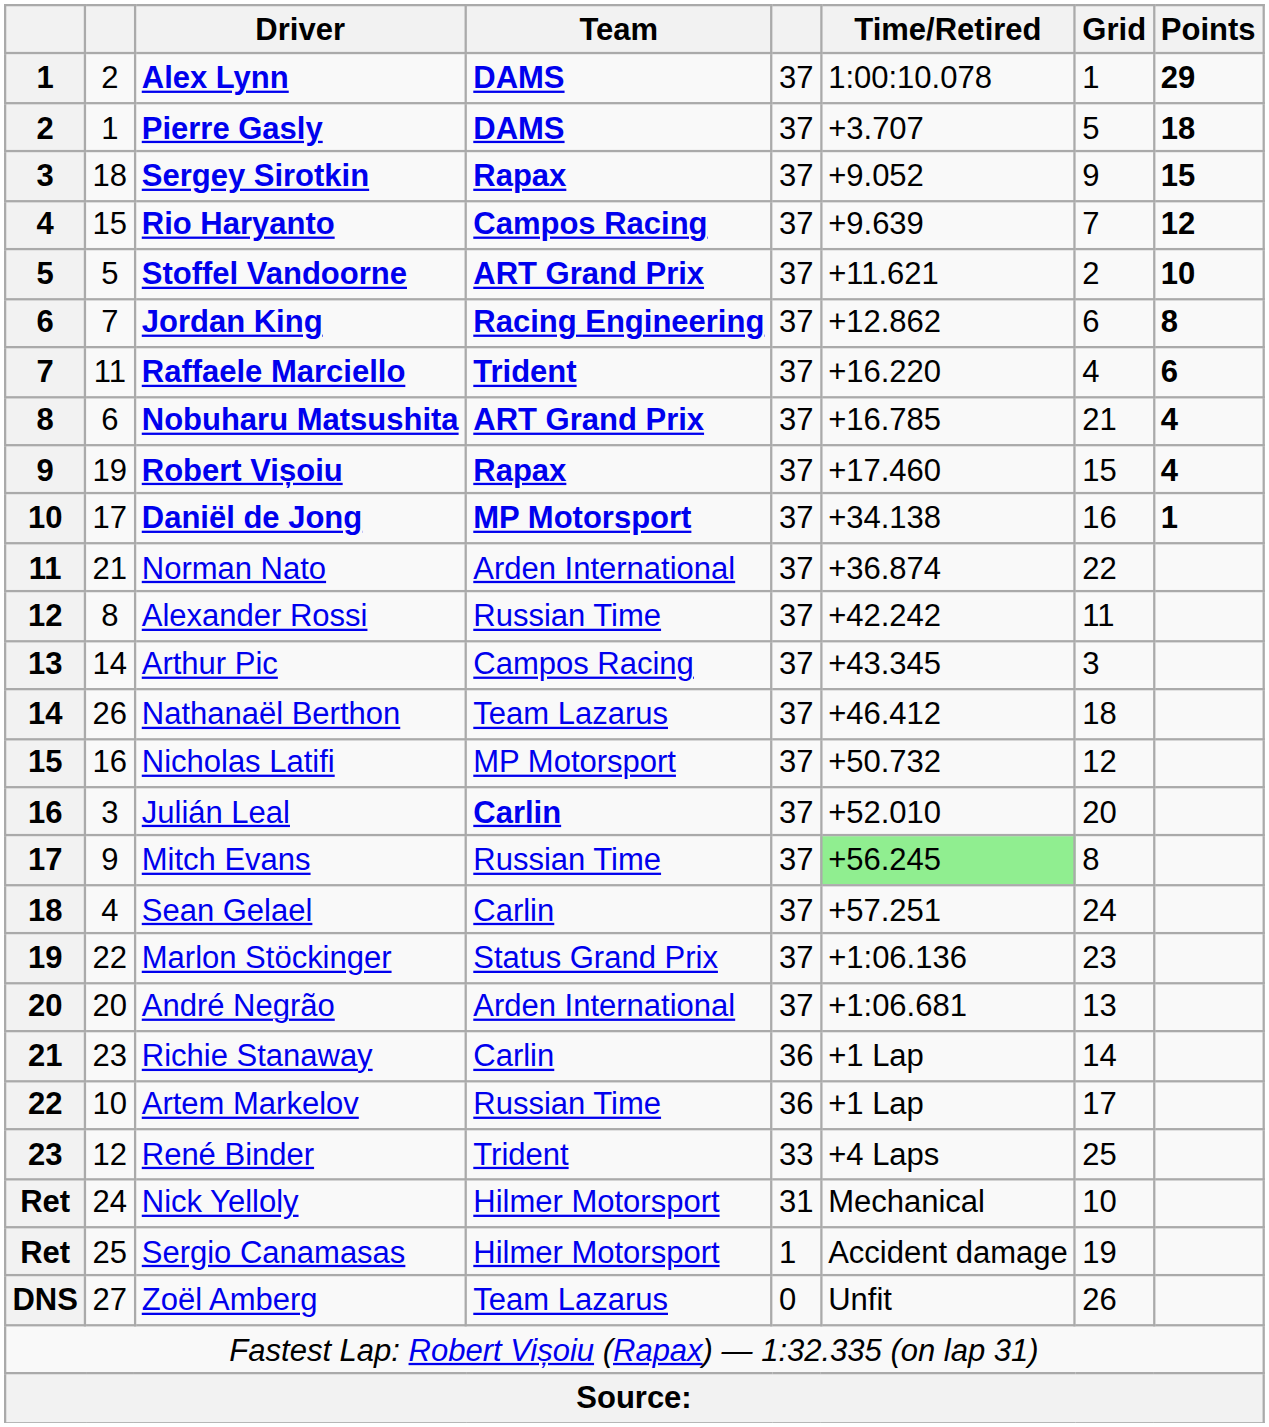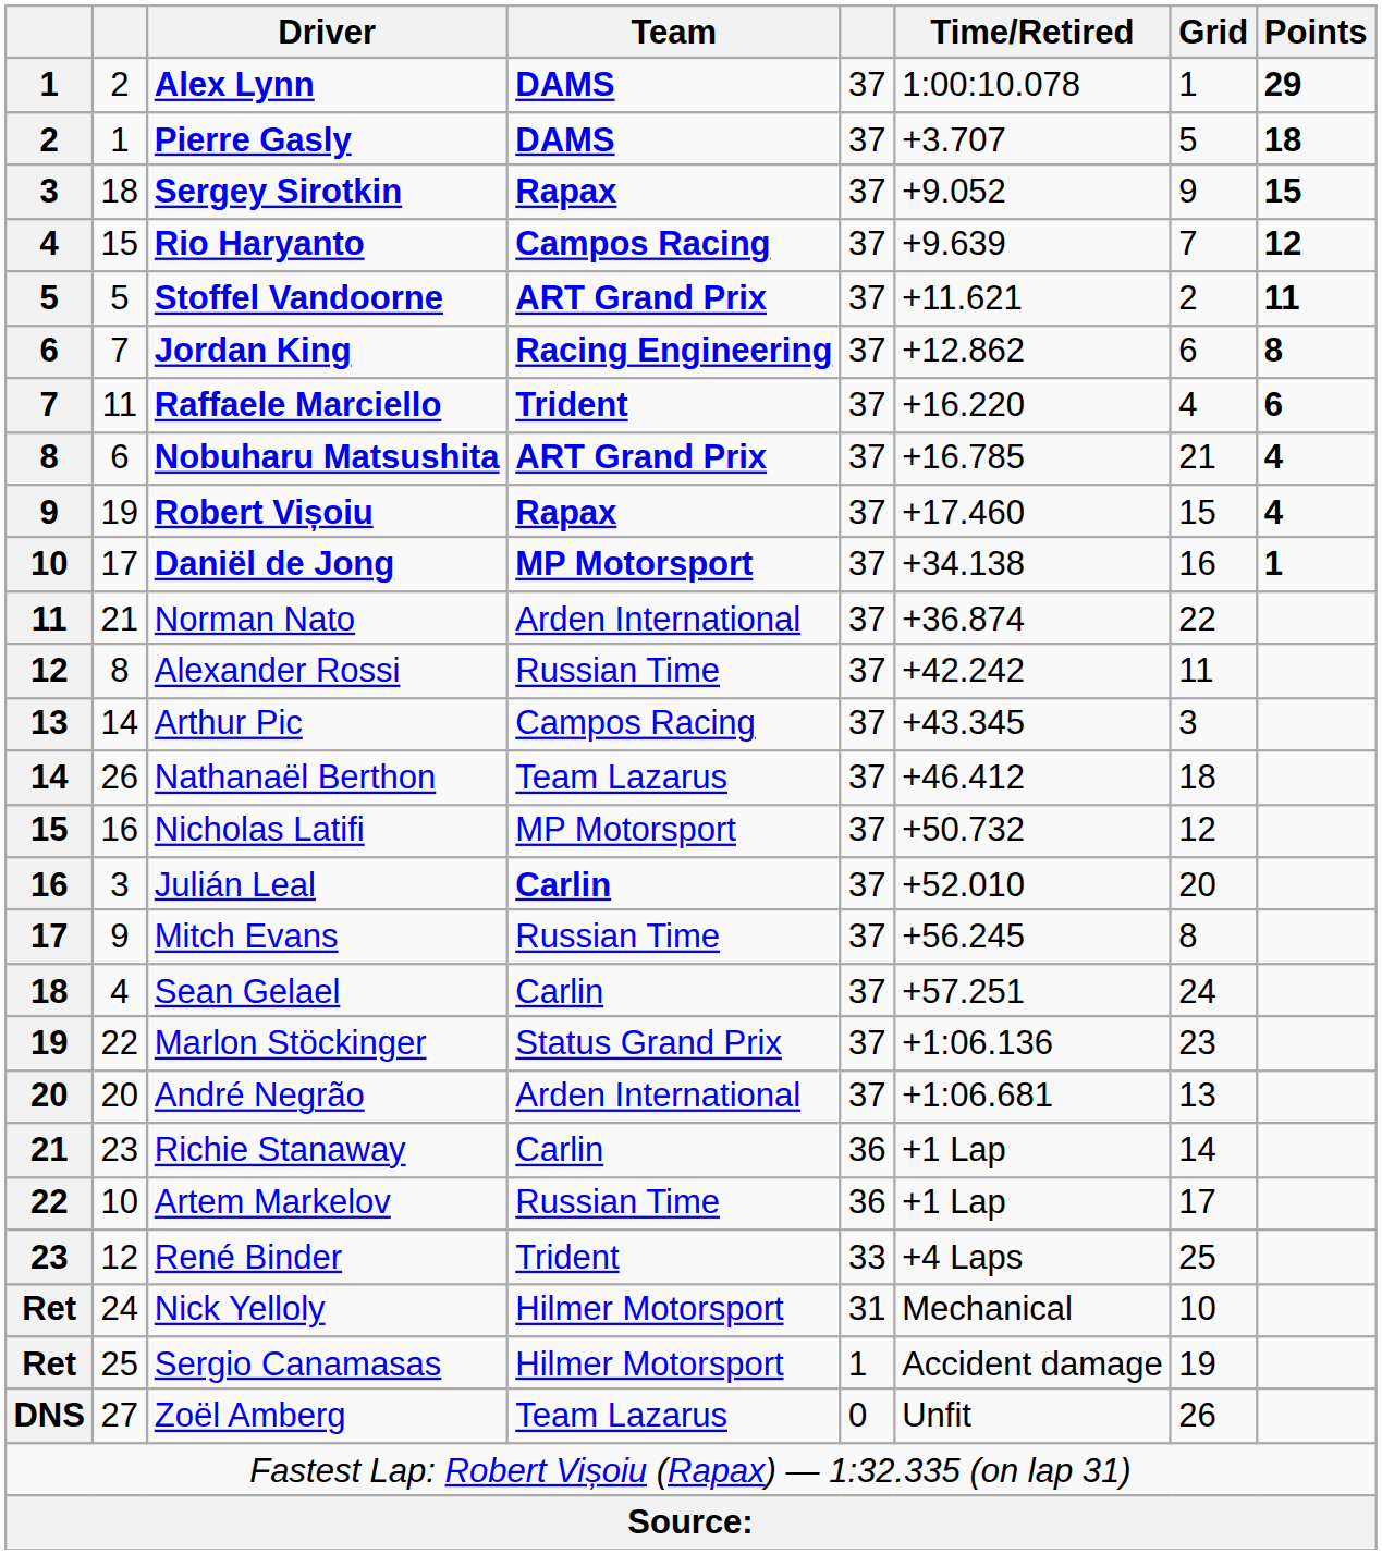 <table class="wikitable" style="font-size:85%">
 <tr>
 <th></th>
 <th></th>
 <th>Driver</th>
 <th>Team</th>
 <th></th>
 <th>Time/Retired</th>
 <th>Grid</th>
 <th>Points</th>
 </tr>
 <tr>
 <th>1</th>
 <td align="center">2</td>
 <td> <strong><a href='#'>Alex Lynn</a></strong></td>
 <td><strong><a href='#'>DAMS</a></strong></td>
 <td>37</td>
 <td>1:00:10.078</td>
 <td>1</td>
 <td><strong>29 </strong></td>
 </tr>
 <tr>
 <th>2</th>
 <td align="center">1</td>
 <td> <strong><a href='#'>Pierre Gasly</a></strong></td>
 <td><strong><a href='#'>DAMS</a></strong></td>
 <td>37</td>
 <td>+3.707</td>
 <td>5</td>
 <td><strong>18</strong></td>
 </tr>
 <tr>
 <th>3</th>
 <td align="center">18</td>
 <td> <strong><a href='#'>Sergey Sirotkin</a></strong></td>
 <td><strong><a href='#'>Rapax</a></strong></td>
 <td>37</td>
 <td>+9.052</td>
 <td>9</td>
 <td><strong>15</strong></td>
 </tr>
 <tr>
 <th>4</th>
 <td align="center">15</td>
 <td> <strong><a href='#'>Rio Haryanto</a></strong></td>
 <td><strong><a href='#'>Campos Racing</a></strong></td>
 <td>37</td>
 <td>+9.639</td>
 <td>7</td>
 <td><strong>12</strong></td>
 </tr>
 <tr>
 <th>5</th>
 <td align="center">5</td>
 <td> <strong><a href='#'>Stoffel Vandoorne</a></strong></td>
 <td><strong><a href='#'>ART Grand Prix</a></strong></td>
 <td>37</td>
 <td>+11.621</td>
 <td>2</td>
-<td><strong>10</strong></td>
+<td><strong>11</strong></td>
 </tr>
 <tr>
 <th>6</th>
 <td align="center">7</td>
 <td> <strong><a href='#'>Jordan King</a></strong></td>
 <td><strong><a href='#'>Racing Engineering</a></strong></td>
 <td>37</td>
 <td>+12.862</td>
 <td>6</td>
 <td><strong>8</strong></td>
 </tr>
 <tr>
 <th>7</th>
 <td align="center">11</td>
 <td> <strong><a href='#'>Raffaele Marciello</a></strong></td>
 <td><strong><a href='#'>Trident</a></strong></td>
 <td>37</td>
 <td>+16.220</td>
 <td>4</td>
 <td><strong>6</strong></td>
 </tr>
 <tr>
 <th>8</th>
 <td align="center">6</td>
 <td> <strong><a href='#'>Nobuharu Matsushita</a></strong></td>
 <td><strong><a href='#'>ART Grand Prix</a></strong></td>
 <td>37</td>
 <td>+16.785</td>
 <td>21</td>
 <td><strong>4</strong></td>
 </tr>
 <tr>
 <th>9</th>
 <td align="center">19</td>
 <td> <strong><a href='#'>Robert Vișoiu</a></strong></td>
 <td><strong><a href='#'>Rapax</a></strong></td>
 <td>37</td>
 <td>+17.460</td>
 <td>15</td>
 <td><strong>4 </strong></td>
 </tr>
 <tr>
 <th>10</th>
 <td align="center">17</td>
 <td> <strong><a href='#'>Daniël de Jong</a></strong></td>
 <td><strong><a href='#'>MP Motorsport</a></strong></td>
 <td>37</td>
 <td>+34.138</td>
 <td>16</td>
 <td><strong>1</strong></td>
 </tr>
 <tr>
 <th>11</th>
 <td align="center">21</td>
 <td> <a href='#'>Norman Nato</a></td>
 <td><a href='#'>Arden International</a></td>
 <td>37</td>
 <td>+36.874</td>
 <td>22</td>
 <td></td>
 </tr>
 <tr>
 <th>12</th>
 <td align="center">8</td>
 <td> <a href='#'>Alexander Rossi</a></td>
 <td><a href='#'>Russian Time</a></td>
 <td>37</td>
 <td>+42.242</td>
 <td>11</td>
 <td></td>
 </tr>
 <tr>
 <th>13</th>
 <td align="center">14</td>
 <td> <a href='#'>Arthur Pic</a></td>
 <td><a href='#'>Campos Racing</a></td>
 <td>37</td>
 <td>+43.345</td>
 <td>3</td>
 <td></td>
 </tr>
 <tr>
 <th>14</th>
 <td align="center">26</td>
 <td> <a href='#'>Nathanaël Berthon</a></td>
 <td><a href='#'>Team Lazarus</a></td>
 <td>37</td>
 <td>+46.412</td>
 <td>18</td>
 <td></td>
 </tr>
 <tr>
 <th>15</th>
 <td align="center">16</td>
 <td> <a href='#'>Nicholas Latifi</a></td>
 <td><a href='#'>MP Motorsport</a></td>
 <td>37</td>
 <td>+50.732</td>
 <td>12</td>
 <td></td>
 </tr>
 <tr>
 <th>16</th>
 <td align="center">3</td>
 <td> <a href='#'>Julián Leal</a></td>
 <td><strong><a href='#'>Carlin</a></strong></td>
 <td>37</td>
 <td>+52.010</td>
 <td>20</td>
 <td></td>
 </tr>
 <tr>
 <th>17</th>
 <td align="center">9</td>
 <td> <a href='#'>Mitch Evans</a></td>
 <td><a href='#'>Russian Time</a></td>
 <td>37</td>
-<td style="background: lightgreen;">+56.245</td>
+<td>+56.245</td>
 <td>8</td>
 <td></td>
 </tr>
 <tr>
 <th>18</th>
 <td align="center">4</td>
 <td> <a href='#'>Sean Gelael</a></td>
 <td><a href='#'>Carlin</a></td>
 <td>37</td>
 <td>+57.251</td>
 <td>24</td>
 <td></td>
 </tr>
 <tr>
 <th>19</th>
 <td align="center">22</td>
 <td> <a href='#'>Marlon Stöckinger</a></td>
 <td><a href='#'>Status Grand Prix</a></td>
 <td>37</td>
 <td>+1:06.136</td>
 <td>23</td>
 <td></td>
 </tr>
 <tr>
 <th>20</th>
 <td align="center">20</td>
 <td> <a href='#'>André Negrão</a></td>
 <td><a href='#'>Arden International</a></td>
 <td>37</td>
 <td>+1:06.681</td>
 <td>13</td>
 <td></td>
 </tr>
 <tr>
 <th>21</th>
 <td align="center">23</td>
 <td> <a href='#'>Richie Stanaway</a></td>
 <td><a href='#'>Carlin</a></td>
 <td>36</td>
 <td>+1 Lap</td>
 <td>14</td>
 <td></td>
 </tr>
 <tr>
 <th>22</th>
 <td align="center">10</td>
 <td> <a href='#'>Artem Markelov</a></td>
 <td><a href='#'>Russian Time</a></td>
 <td>36</td>
 <td>+1 Lap</td>
 <td>17</td>
 <td></td>
 </tr>
 <tr>
 <th>23</th>
 <td align="center">12</td>
 <td> <a href='#'>René Binder</a></td>
 <td><a href='#'>Trident</a></td>
 <td>33</td>
 <td>+4 Laps</td>
 <td>25</td>
 <td></td>
 </tr>
 <tr>
 <th>Ret</th>
 <td align="center">24</td>
 <td> <a href='#'>Nick Yelloly</a></td>
 <td><a href='#'>Hilmer Motorsport</a></td>
 <td>31</td>
 <td>Mechanical</td>
 <td>10</td>
 <td></td>
 </tr>
 <tr>
 <th>Ret</th>
 <td align="center">25</td>
 <td> <a href='#'>Sergio Canamasas</a></td>
 <td><a href='#'>Hilmer Motorsport</a></td>
 <td>1</td>
 <td>Accident damage</td>
 <td>19</td>
 <td></td>
 </tr>
 <tr>
 <th>DNS</th>
 <td align="center">27</td>
 <td> <a href='#'>Zoël Amberg</a></td>
 <td><a href='#'>Team Lazarus</a></td>
 <td>0</td>
 <td>Unfit</td>
 <td>26</td>
 <td></td>
 </tr>
 <tr>
 <td colspan=8 align="center"><em>Fastest Lap: <a href='#'>Robert Vișoiu</a> (<a href='#'>Rapax</a>) — 1:32.335 (on lap 31)</em></td>
 </tr>
 <tr>
 <th colspan=8>Source:</th>
 </tr>
 </table>
